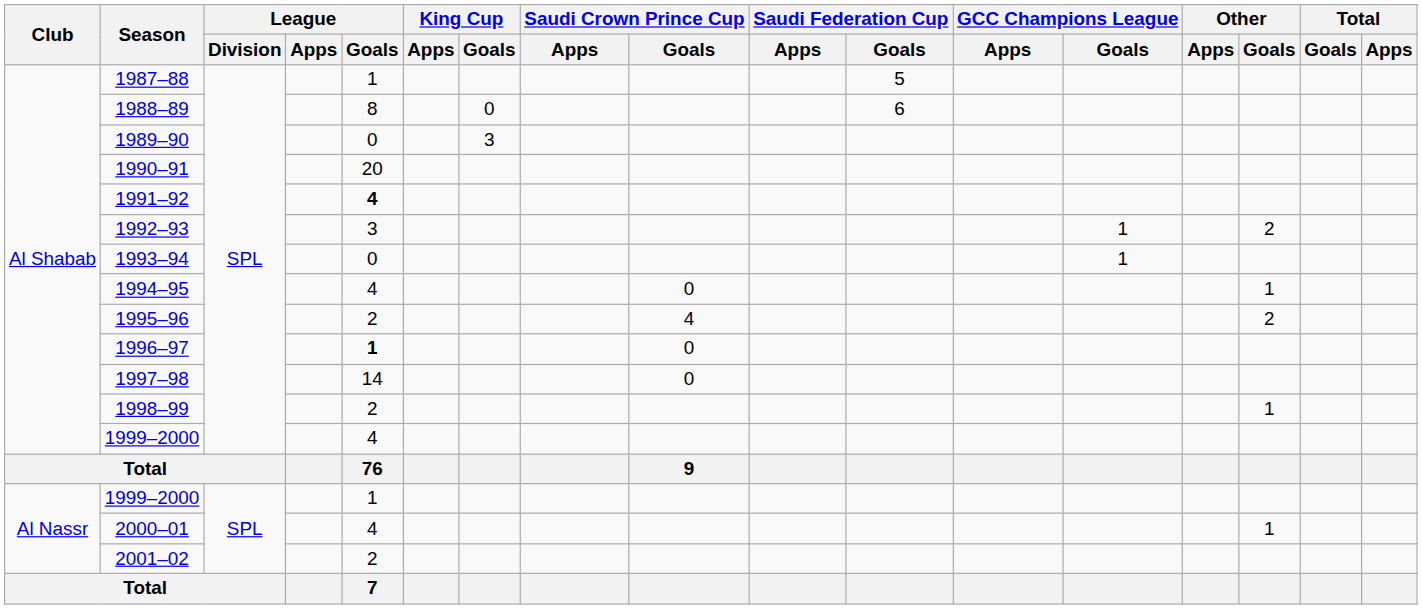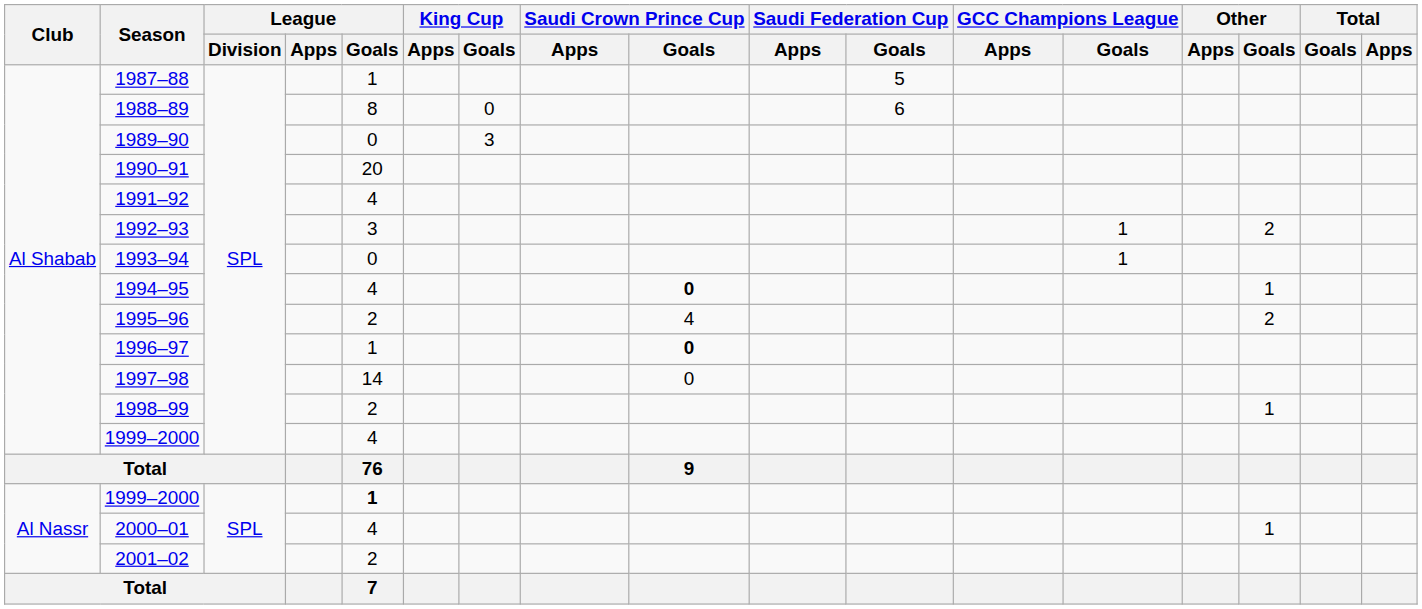 <table class="wikitable" style="text-align:center">
 <tr>
 <th rowspan="2">Club</th>
 <th rowspan="2">Season</th>
 <th colspan="3">League</th>
 <th colspan="2"><a href='#'>King Cup</a></th>
 <th colspan="2"><a href='#'>Saudi Crown Prince Cup</a></th>
 <th colspan="2"><a href='#'>Saudi Federation Cup</a></th>
 <th colspan="2"><a href='#'>GCC Champions League</a></th>
 <th colspan="2">Other</th>
 <th colspan="2">Total</th>
 </tr>
 <tr>
 <th>Division</th>
 <th>Apps</th>
 <th>Goals</th>
 <th>Apps</th>
 <th>Goals</th>
 <th>Apps</th>
 <th>Goals</th>
 <th>Apps</th>
 <th>Goals</th>
 <th>Apps</th>
 <th>Goals</th>
 <th>Apps</th>
 <th>Goals</th>
 <th>Goals</th>
 <th>Apps</th>
 </tr>
 <tr align=center>
 <td rowspan="13" align=center valign=center><a href='#'>Al Shabab</a></td>
 <td><a href='#'>1987–88</a></td>
 <td rowspan="13" align=center valign=center><a href='#'>SPL</a></td>
 <td></td>
 <td>1</td>
 <td></td>
 <td></td>
 <td></td>
 <td></td>
 <td></td>
 <td>5</td>
 <td></td>
 <td></td>
 <td></td>
 <td></td>
 <td></td>
 <td></td>
 </tr>
 <tr>
 <td><a href='#'>1988–89</a></td>
 <td></td>
 <td>8</td>
 <td></td>
 <td>0</td>
 <td></td>
 <td></td>
 <td></td>
 <td>6</td>
 <td></td>
 <td></td>
 <td></td>
 <td></td>
 <td></td>
 <td></td>
 </tr>
 <tr>
 <td><a href='#'>1989–90</a></td>
 <td></td>
 <td>0</td>
 <td></td>
 <td>3</td>
 <td></td>
 <td></td>
 <td></td>
 <td></td>
 <td></td>
 <td></td>
 <td></td>
 <td></td>
 <td></td>
 <td></td>
 </tr>
 <tr>
 <td><a href='#'>1990–91</a></td>
 <td></td>
 <td>20</td>
 <td></td>
 <td></td>
 <td></td>
 <td></td>
 <td></td>
 <td></td>
 <td></td>
 <td></td>
 <td></td>
 <td></td>
 <td></td>
 <td></td>
 </tr>
 <tr>
 <td><a href='#'>1991–92</a></td>
 <td></td>
-<td><strong>4</strong></td>
+<td>4</td>
 <td></td>
 <td></td>
 <td></td>
 <td></td>
 <td></td>
 <td></td>
 <td></td>
 <td></td>
 <td></td>
 <td></td>
 <td></td>
 <td></td>
 </tr>
 <tr>
 <td><a href='#'>1992–93</a></td>
 <td></td>
 <td>3</td>
 <td></td>
 <td></td>
 <td></td>
 <td></td>
 <td></td>
 <td></td>
 <td></td>
 <td>1</td>
 <td></td>
 <td>2   </td>
 <td></td>
 <td></td>
 </tr>
 <tr>
 <td><a href='#'>1993–94</a></td>
 <td></td>
 <td>0</td>
 <td></td>
 <td></td>
 <td></td>
 <td></td>
 <td></td>
 <td></td>
 <td></td>
 <td>1</td>
 <td></td>
 <td></td>
 <td></td>
 <td></td>
 </tr>
 <tr>
 <td><a href='#'>1994–95</a></td>
 <td></td>
 <td>4</td>
 <td></td>
 <td></td>
 <td></td>
-<td>0</td>
+<td><strong>0</strong></td>
 <td></td>
 <td></td>
 <td></td>
 <td></td>
 <td></td>
 <td>1 </td>
 <td></td>
 <td></td>
 </tr>
 <tr>
 <td><a href='#'>1995–96</a></td>
 <td></td>
 <td>2</td>
 <td></td>
 <td></td>
 <td></td>
 <td>4</td>
 <td></td>
 <td></td>
 <td></td>
 <td></td>
 <td></td>
 <td>2</td>
 <td></td>
 <td></td>
 </tr>
 <tr>
 <td><a href='#'>1996–97</a></td>
 <td></td>
-<td><strong>1</strong></td>
+<td>1</td>
 <td></td>
 <td></td>
 <td></td>
-<td>0</td>
+<td><strong>0</strong></td>
 <td></td>
 <td></td>
 <td></td>
 <td></td>
 <td></td>
 <td></td>
 <td></td>
 <td></td>
 </tr>
 <tr>
 <td><a href='#'>1997–98</a></td>
 <td></td>
 <td>14</td>
 <td></td>
 <td></td>
 <td></td>
 <td>0</td>
 <td></td>
 <td></td>
 <td></td>
 <td></td>
 <td></td>
 <td></td>
 <td></td>
 <td></td>
 </tr>
 <tr>
 <td><a href='#'>1998–99</a></td>
 <td></td>
 <td>2</td>
 <td></td>
 <td></td>
 <td></td>
 <td></td>
 <td></td>
 <td></td>
 <td></td>
 <td></td>
 <td></td>
 <td>1</td>
 <td></td>
 <td></td>
 </tr>
 <tr>
 <td><a href='#'>1999–2000</a></td>
 <td></td>
 <td>4</td>
 <td></td>
 <td></td>
 <td></td>
 <td></td>
 <td></td>
 <td></td>
 <td></td>
 <td></td>
 <td></td>
 <td></td>
 <td></td>
 <td></td>
 </tr>
 <tr align=center>
 <th colspan="3">Total</th>
 <th></th>
 <th>76</th>
 <th></th>
 <th></th>
 <th></th>
 <th>9</th>
 <th></th>
 <th></th>
 <th></th>
 <th></th>
 <th></th>
 <th></th>
 <th></th>
 <th></th>
 </tr>
 <tr align=center>
 <td rowspan="3" align=center valign=center><a href='#'>Al Nassr</a></td>
 <td><a href='#'>1999–2000</a></td>
 <td rowspan="3" align=center valign=center><a href='#'>SPL</a></td>
 <td></td>
-<td>1</td>
+<td><strong>1</strong></td>
 <td></td>
 <td></td>
 <td></td>
 <td></td>
 <td></td>
 <td></td>
 <td></td>
 <td></td>
 <td></td>
 <td></td>
 <td></td>
 <td></td>
 </tr>
 <tr>
 <td><a href='#'>2000–01</a></td>
 <td></td>
 <td>4</td>
 <td></td>
 <td></td>
 <td></td>
 <td></td>
 <td></td>
 <td></td>
 <td></td>
 <td></td>
 <td></td>
 <td>1 </td>
 <td></td>
 <td></td>
 </tr>
 <tr>
 <td><a href='#'>2001–02</a></td>
 <td></td>
 <td>2</td>
 <td></td>
 <td></td>
 <td></td>
 <td></td>
 <td></td>
 <td></td>
 <td></td>
 <td></td>
 <td></td>
 <td></td>
 <td></td>
 <td></td>
 </tr>
 <tr align=center>
 <th colspan="3">Total</th>
 <th></th>
 <th>7</th>
 <th></th>
 <th></th>
 <th></th>
 <th></th>
 <th></th>
 <th></th>
 <th></th>
 <th></th>
 <th></th>
 <th></th>
 <th></th>
 <th></th>
 </tr>
 </table>
